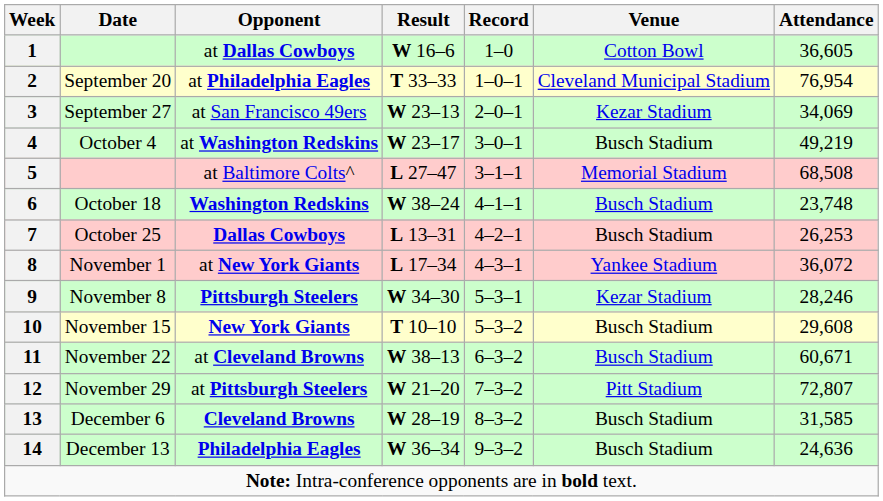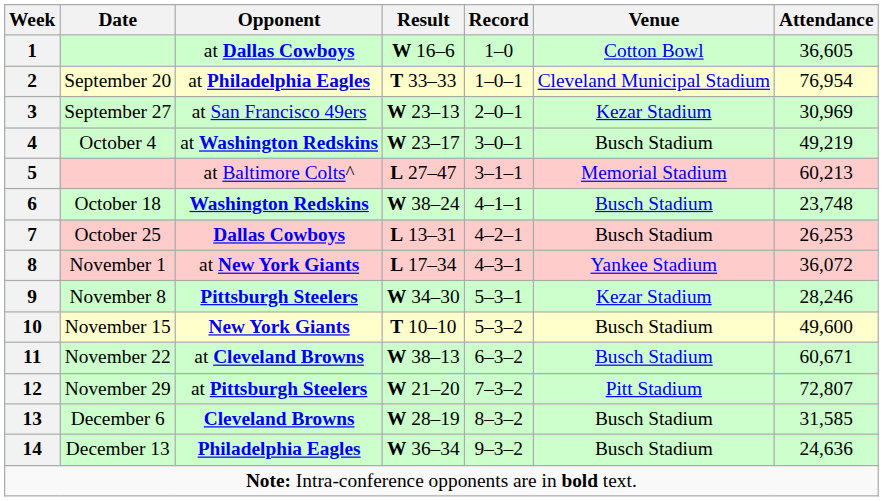 <table class="wikitable" style="text-align:center">
 <tr>
 <th>Week</th>
 <th>Date</th>
 <th>Opponent</th>
 <th>Result</th>
 <th>Record</th>
 <th>Venue</th>
 <th>Attendance</th>
 </tr>
 <tr style="background:#cfc">
 <th>1</th>
 <td></td>
 <td>at <strong><a href='#'>Dallas Cowboys</a></strong></td>
 <td><strong>W</strong> 16–6</td>
 <td>1–0</td>
 <td><a href='#'>Cotton Bowl</a></td>
 <td>36,605</td>
 </tr>
 <tr style="background:#ffc">
 <th>2</th>
 <td>September 20</td>
 <td>at <strong><a href='#'>Philadelphia Eagles</a></strong></td>
 <td><strong>T</strong> 33–33</td>
 <td>1–0–1</td>
 <td><a href='#'>Cleveland Municipal Stadium</a></td>
 <td>76,954</td>
 </tr>
 <tr style="background:#cfc">
 <th>3</th>
 <td>September 27</td>
 <td>at <a href='#'>San Francisco 49ers</a></td>
 <td><strong>W</strong> 23–13</td>
 <td>2–0–1</td>
 <td><a href='#'>Kezar Stadium</a></td>
-<td>34,069</td>
+<td>30,969</td>
 </tr>
 <tr style="background:#cfc">
 <th>4</th>
 <td>October 4</td>
 <td>at <strong><a href='#'>Washington Redskins</a></strong></td>
 <td><strong>W</strong> 23–17</td>
 <td>3–0–1</td>
 <td>Busch Stadium</td>
 <td>49,219</td>
 </tr>
 <tr style="background:#fcc">
 <th>5</th>
 <td></td>
 <td>at <a href='#'>Baltimore Colts</a>^</td>
 <td><strong>L</strong> 27–47</td>
 <td>3–1–1</td>
 <td><a href='#'>Memorial Stadium</a></td>
-<td>68,508</td>
+<td>60,213</td>
 </tr>
 <tr style="background:#cfc">
 <th>6</th>
 <td>October 18</td>
 <td><strong><a href='#'>Washington Redskins</a></strong></td>
 <td><strong>W</strong> 38–24</td>
 <td>4–1–1</td>
 <td><a href='#'>Busch Stadium</a></td>
 <td>23,748</td>
 </tr>
 <tr style="background:#fcc">
 <th>7</th>
 <td>October 25</td>
 <td><strong><a href='#'>Dallas Cowboys</a></strong></td>
 <td><strong>L</strong> 13–31</td>
 <td>4–2–1</td>
 <td>Busch Stadium</td>
 <td>26,253</td>
 </tr>
 <tr style="background:#fcc">
 <th>8</th>
 <td>November 1</td>
 <td>at <strong><a href='#'>New York Giants</a></strong></td>
 <td><strong>L</strong> 17–34</td>
 <td>4–3–1</td>
 <td><a href='#'>Yankee Stadium</a></td>
 <td>36,072</td>
 </tr>
 <tr style="background:#cfc">
 <th>9</th>
 <td>November 8</td>
 <td><strong><a href='#'>Pittsburgh Steelers</a></strong></td>
 <td><strong>W</strong> 34–30</td>
 <td>5–3–1</td>
 <td><a href='#'>Kezar Stadium</a></td>
 <td>28,246</td>
 </tr>
 <tr style="background:#ffc">
 <th>10</th>
 <td>November 15</td>
 <td><strong><a href='#'>New York Giants</a></strong></td>
 <td><strong>T</strong> 10–10</td>
 <td>5–3–2</td>
 <td>Busch Stadium</td>
-<td>29,608</td>
+<td>49,600</td>
 </tr>
 <tr style="background:#cfc">
 <th>11</th>
 <td>November 22</td>
 <td>at <strong><a href='#'>Cleveland Browns</a></strong></td>
 <td><strong>W</strong> 38–13</td>
 <td>6–3–2</td>
 <td><a href='#'>Busch Stadium</a></td>
 <td>60,671</td>
 </tr>
 <tr style="background:#cfc">
 <th>12</th>
 <td>November 29</td>
 <td>at <strong><a href='#'>Pittsburgh Steelers</a></strong></td>
 <td><strong>W</strong> 21–20</td>
 <td>7–3–2</td>
 <td><a href='#'>Pitt Stadium</a></td>
 <td>72,807</td>
 </tr>
 <tr style="background:#cfc">
 <th>13</th>
 <td>December 6</td>
 <td><strong><a href='#'>Cleveland Browns</a></strong></td>
 <td><strong>W</strong> 28–19</td>
 <td>8–3–2</td>
 <td>Busch Stadium</td>
 <td>31,585</td>
 </tr>
 <tr style="background:#cfc">
 <th>14</th>
 <td>December 13</td>
 <td><strong><a href='#'>Philadelphia Eagles</a></strong></td>
 <td><strong>W</strong> 36–34</td>
 <td>9–3–2</td>
 <td>Busch Stadium</td>
 <td>24,636</td>
 </tr>
 <tr>
 <td colspan="8"><strong>Note:</strong> Intra-conference opponents are in <strong>bold</strong> text.</td>
 </tr>
 </table>
